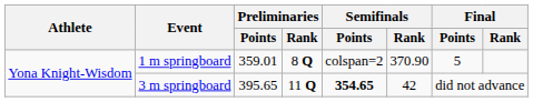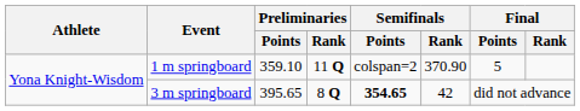 <table class="wikitable" style="text-align:center; font-size:90%">
 <tr>
 <th rowspan="2">Athlete</th>
 <th rowspan="2">Event</th>
 <th colspan="2">Preliminaries</th>
 <th colspan="2">Semifinals</th>
 <th colspan="2">Final</th>
 </tr>
 <tr style="font-size:95%">
 <th>Points</th>
 <th>Rank</th>
 <th>Points</th>
 <th>Rank</th>
 <th>Points</th>
 <th>Rank</th>
 </tr>
 <tr>
 <td align=left rowspan=2><a href='#'>Yona Knight-Wisdom</a></td>
 <td align=left><a href='#'>1 m springboard</a></td>
-<td>359.01</td>
-<td>8 <strong>Q</strong></td>
+<td>359.10</td>
+<td>11 <strong>Q</strong></td>
 <td>colspan=2 </td>
 <td>370.90</td>
 <td>5</td>
 </tr>
 <tr>
 <td align=left><a href='#'>3 m springboard</a></td>
 <td>395.65</td>
-<td>11 <strong>Q</strong></td>
+<td>8 <strong>Q</strong></td>
 <td><strong>354.65</strong></td>
 <td>42</td>
 <td colspan=2>did not advance</td>
 </tr>
 </table>
